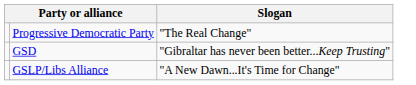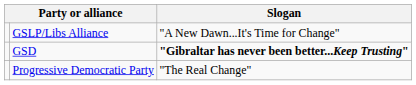 <table class=wikitable>
 <tr>
 <th colspan=2>Party or alliance</th>
 <th>Slogan</th>
 </tr>
 <tr>
 <td></td>
-<td><a href='#'> Progressive Democratic Party</a></td>
-<td>"The Real Change"</td>
+<td><a href='#'>GSLP/Libs Alliance</a></td>
+<td>"A New Dawn...It's Time for Change"</td>
 </tr>
 <tr>
 <td></td>
 <td><a href='#'>GSD</a></td>
-<td>"Gibraltar has never been better...<em>Keep Trusting</em>"</td>
+<td><strong>"Gibraltar has never been better...<em>Keep Trusting</em>"</strong></td>
 </tr>
 <tr>
 <td></td>
-<td><a href='#'>GSLP/Libs Alliance</a></td>
-<td>"A New Dawn...It's Time for Change"</td>
+<td><a href='#'> Progressive Democratic Party</a></td>
+<td>"The Real Change"</td>
 </tr>
 </table>
